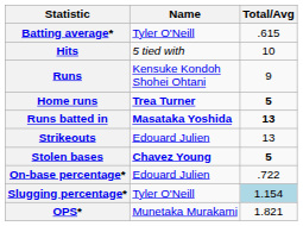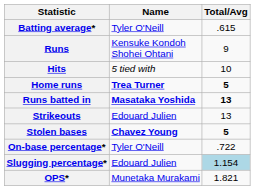 <table class="wikitable plainrowheaders">
 <tr>
 <th scope="col">Statistic</th>
 <th scope="col">Name</th>
 <th scope="col">Total/Avg</th>
 </tr>
 <tr>
 <th scope="row"><a href='#'>Batting average</a>*</th>
 <td> <a href='#'>Tyler O'Neill</a></td>
 <td align=center>.615</td>
 </tr>
 <tr>
+<th scope="row"><a href='#'>Runs</a></th>
+<td> <a href='#'>Kensuke Kondoh</a><br> <a href='#'>Shohei Ohtani</a></td>
+<td align=center>9</td>
+</tr>
+<tr>
 <th scope="row"><a href='#'>Hits</a></th>
 <td><em>5 tied with</em></td>
 <td align=center>10</td>
-</tr>
-<tr>
-<th scope="row"><a href='#'>Runs</a></th>
-<td> <a href='#'>Kensuke Kondoh</a><br> <a href='#'>Shohei Ohtani</a></td>
-<td align=center>9</td>
 </tr>
 <tr>
 <th scope="row"><a href='#'>Home runs</a></th>
 <td> <strong><a href='#'>Trea Turner</a></strong></td>
 <td align=center><strong>5</strong></td>
 </tr>
 <tr>
 <th scope="row"><a href='#'>Runs batted in</a></th>
 <td> <strong><a href='#'>Masataka Yoshida</a></strong></td>
 <td align=center><strong>13</strong></td>
 </tr>
 <tr>
 <th scope="row"><a href='#'>Strikeouts</a></th>
 <td> <a href='#'>Edouard Julien</a></td>
 <td align=center>13</td>
 </tr>
 <tr>
 <th scope="row"><a href='#'>Stolen bases</a></th>
 <td> <strong><a href='#'>Chavez Young</a></strong></td>
 <td align=center><strong>5</strong></td>
 </tr>
 <tr>
 <th scope="row"><a href='#'>On-base percentage</a>*</th>
-<td> <a href='#'>Edouard Julien</a></td>
+<td> <a href='#'>Tyler O'Neill</a></td>
 <td align=center>.722</td>
 </tr>
 <tr>
 <th scope="row"><a href='#'>Slugging percentage</a>*</th>
-<td> <a href='#'>Tyler O'Neill</a></td>
+<td> <a href='#'>Edouard Julien</a></td>
 <td align=center style="background: lightblue;">1.154</td>
 </tr>
 <tr>
 <th scope="row"><a href='#'>OPS</a>*</th>
 <td> <a href='#'>Munetaka Murakami</a></td>
 <td align=center>1.821</td>
 </tr>
 </table>
